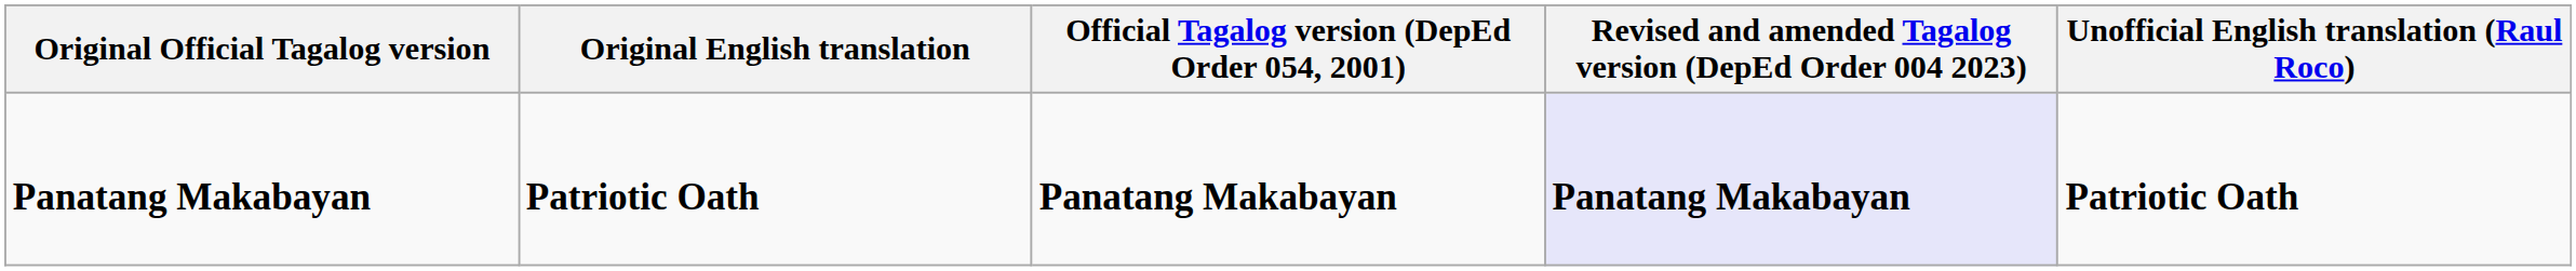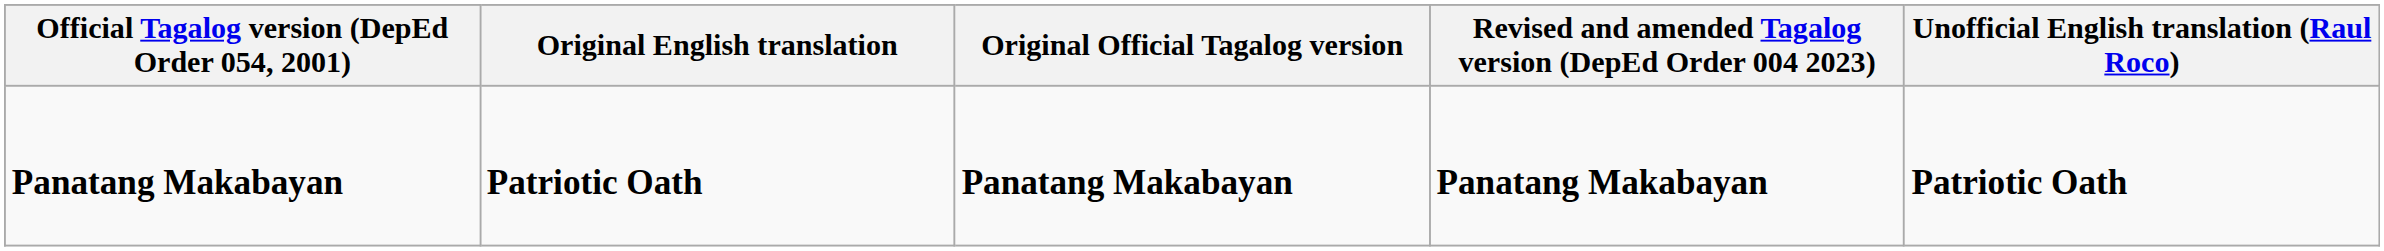 <table class="wikitable" style="margin: 1em auto 1em auto;">
 <tr>
+<th style="width:20%;">Official <a href='#'>Tagalog</a> version (DepEd Order 054,  2001)</th>
+<th style="width:20%;">Original English translation</th>
 <th style="width:20 %;">Original Official Tagalog version</th>
-<th style="width:20%;">Original English translation</th>
-<th style="width:20%;">Official <a href='#'>Tagalog</a> version (DepEd Order 054,  2001)</th>
 <th style="width:20%;">Revised and amended <a href='#'>Tagalog</a> version (DepEd Order 004  2023)</th>
 <th style="width:20%;">Unofficial English translation (<a href='#'>Raul Roco</a>)</th>
 </tr>
 <tr style="vertical-align: top;">
 <td><br><h3>Panatang Makabayan</h3></td>
 <td><br><h3>Patriotic Oath</h3></td>
 <td><br><h3>Panatang Makabayan</h3></td>
-<td style="background: lavender;"><br><h3>Panatang Makabayan</h3></td>
+<td><br><h3>Panatang Makabayan</h3></td>
 <td><br><h3>Patriotic Oath</h3></td>
 </tr>
 </table>
